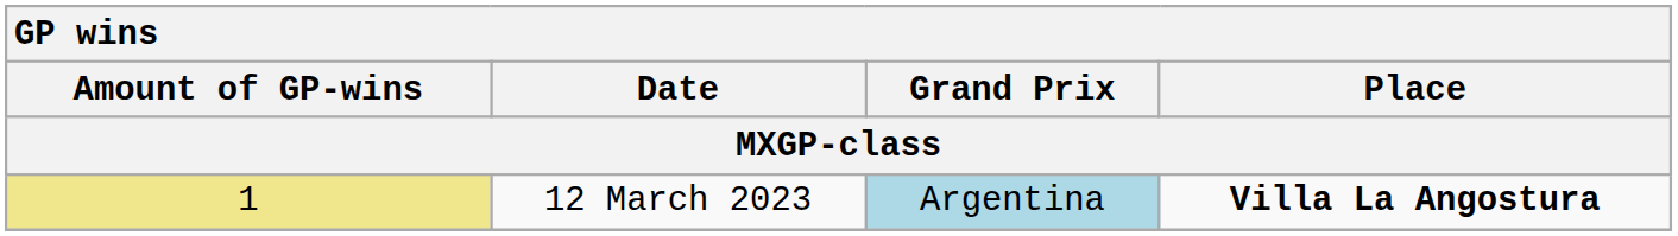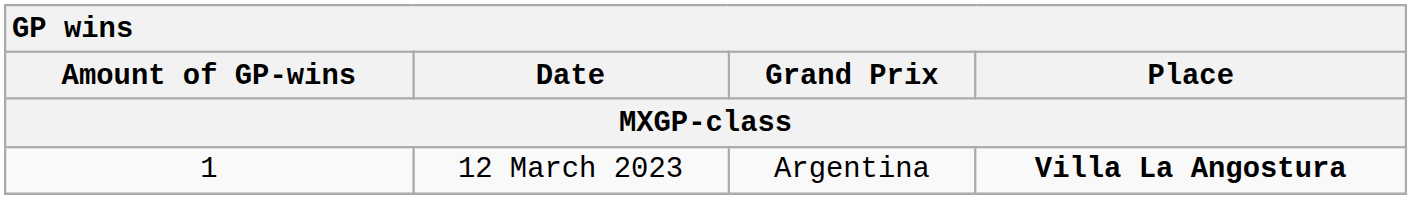 <table class="wikitable mw-collapsible mw-collapsed" style=" text-align:center; width:50%;">
 <tr>
 <th style="text-align:left;" colspan = 10>GP wins</th>
 </tr>
 <tr>
 <th>Amount of GP-wins</th>
 <th>Date</th>
 <th>Grand Prix</th>
 <th>Place</th>
 </tr>
 <tr>
 <th Colspan=4>MXGP-class</th>
 </tr>
 <tr>
-<td style="background: khaki;">1</td>
+<td>1</td>
 <td>12 March 2023</td>
-<td style="background: lightblue;">Argentina</td>
+<td>Argentina</td>
 <td><strong>Villa La Angostura</strong></td>
 </tr>
 <tr>
 </tr>
 </table>
